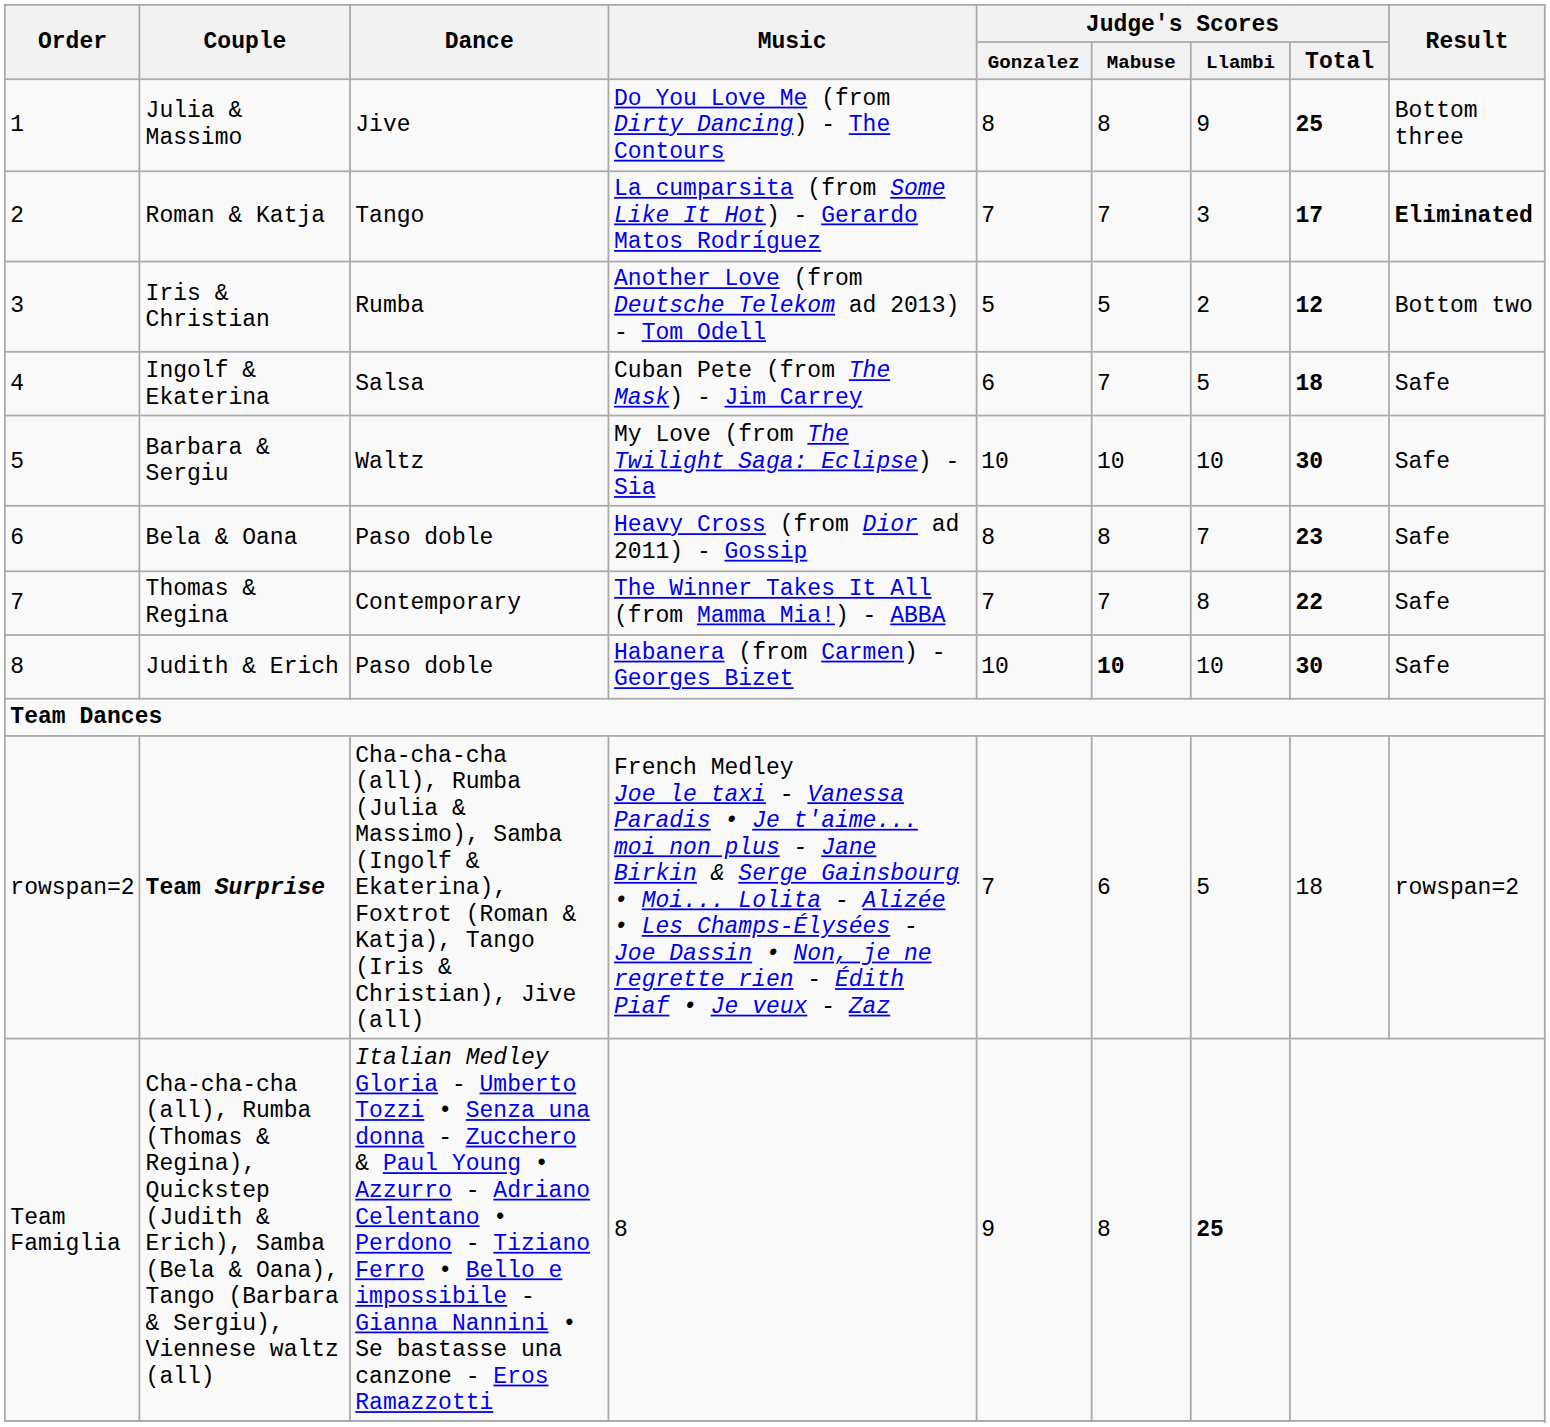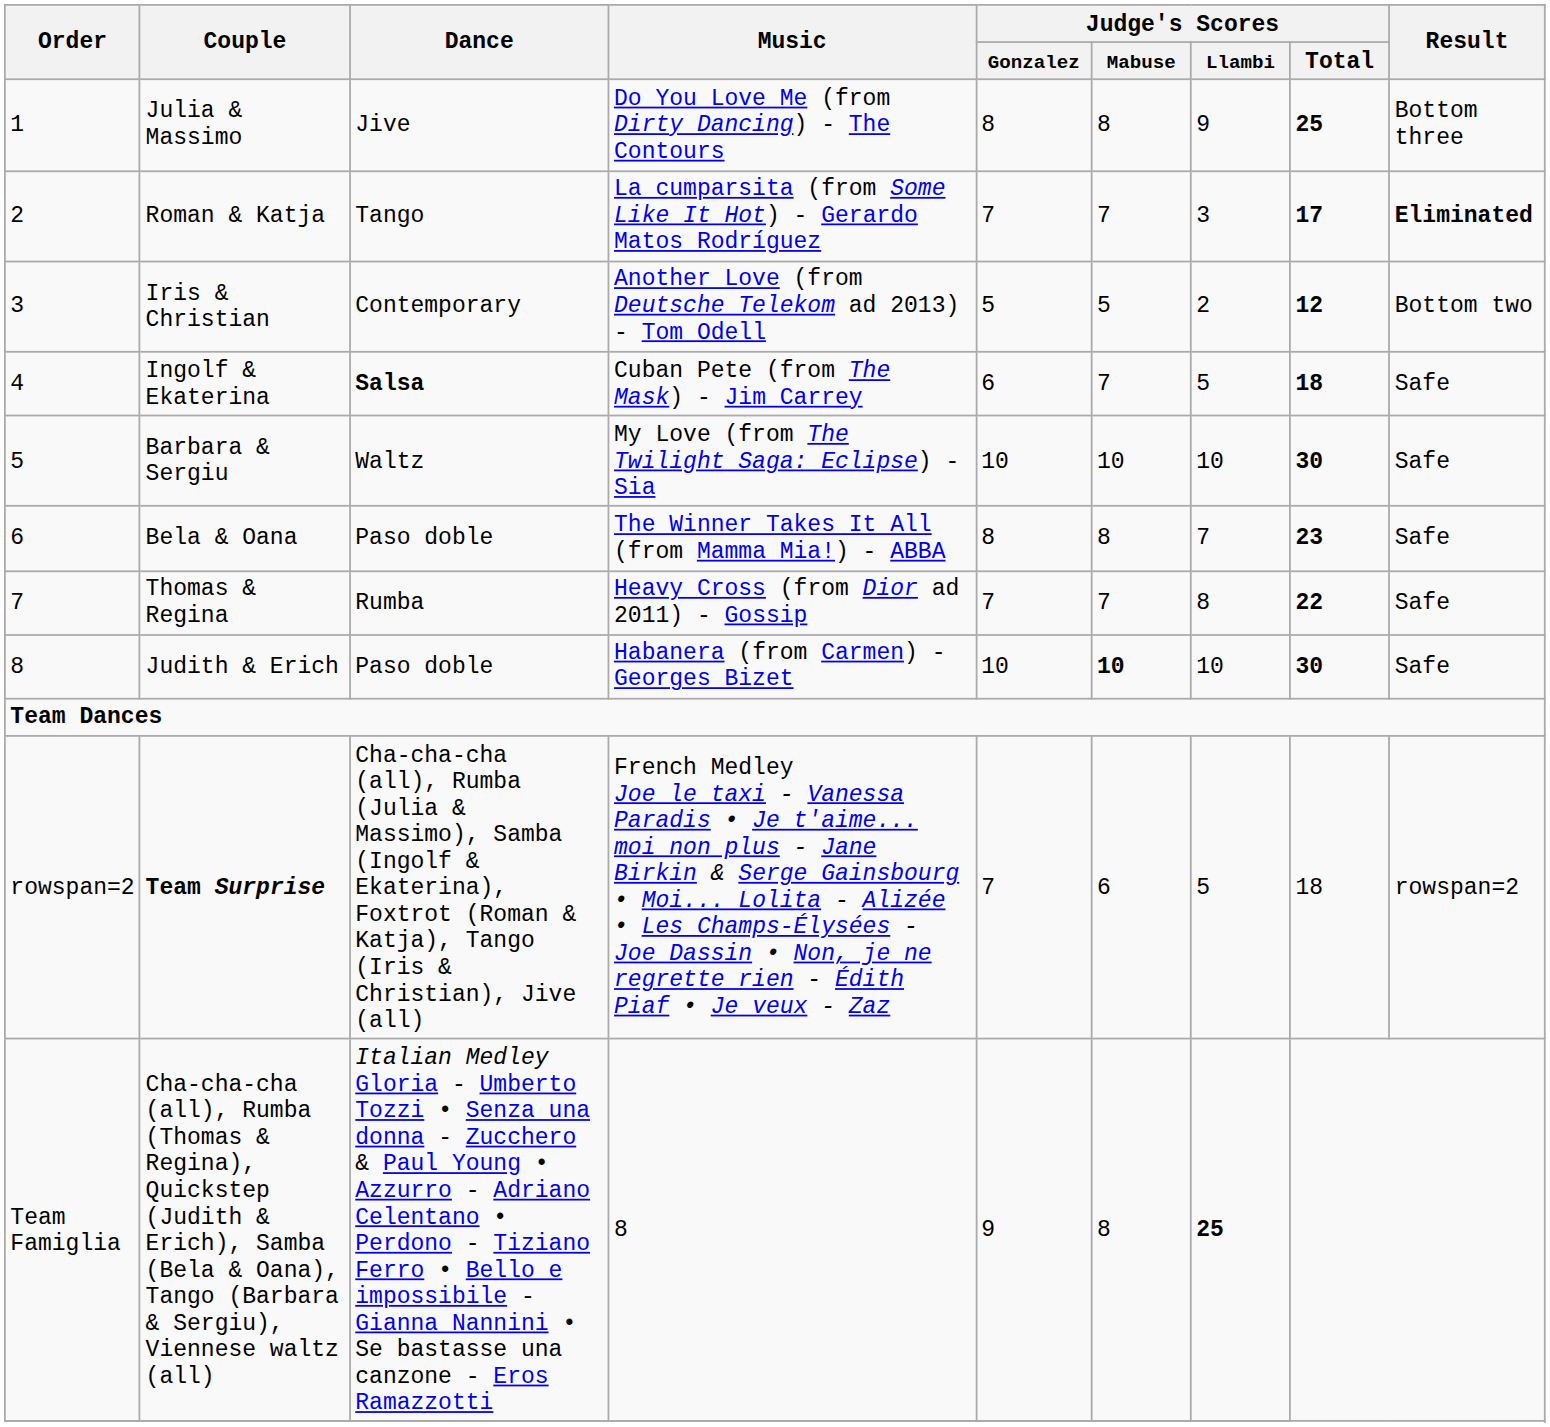 <table class="wikitable sortable center">
 <tr>
 <th rowspan="2" style="width: 4em">Order</th>
 <th rowspan="2" style="width: 17em">Couple</th>
 <th rowspan="2" style="width: 20em">Dance</th>
 <th rowspan="2" style="width: 40em">Music</th>
 <th colspan="4">Judge's Scores</th>
 <th rowspan="2" style="width: 7em">Result</th>
 </tr>
 <tr>
 <th style="width: 6em"><small> Gonzalez</small></th>
 <th style="width: 6em"><small> Mabuse</small></th>
 <th style="width: 6em"><small> Llambi</small></th>
 <th style="width: 6em">Total</th>
 </tr>
 <tr>
 <td>1</td>
 <td>Julia & Massimo</td>
 <td>Jive</td>
 <td><a href='#'>Do You Love Me</a> (from <em><a href='#'>Dirty Dancing</a></em>) - <a href='#'>The Contours</a></td>
 <td>8</td>
 <td>8</td>
 <td>9</td>
 <td><strong>25</strong></td>
 <td>Bottom three</td>
 </tr>
 <tr>
 <td>2</td>
 <td>Roman & Katja</td>
 <td>Tango</td>
 <td><a href='#'>La cumparsita</a> (from <em><a href='#'>Some Like It Hot</a></em>) - <a href='#'>Gerardo Matos Rodríguez</a></td>
 <td>7</td>
 <td>7</td>
 <td>3</td>
 <td><strong>17</strong></td>
 <td><strong>Eliminated</strong></td>
 </tr>
 <tr>
 <td>3</td>
 <td>Iris & Christian</td>
-<td>Rumba</td>
+<td>Contemporary</td>
 <td><a href='#'>Another Love</a> (from <em><a href='#'>Deutsche Telekom</a></em> ad 2013) - <a href='#'>Tom Odell</a></td>
 <td>5</td>
 <td>5</td>
 <td>2</td>
 <td><strong>12</strong></td>
 <td>Bottom two</td>
 </tr>
 <tr>
 <td>4</td>
 <td>Ingolf & Ekaterina</td>
-<td>Salsa</td>
+<td><strong>Salsa</strong></td>
 <td>Cuban Pete (from <em><a href='#'>The Mask</a></em>) - <a href='#'>Jim Carrey</a></td>
 <td>6</td>
 <td>7</td>
 <td>5</td>
 <td><strong>18</strong></td>
 <td>Safe</td>
 </tr>
 <tr>
 <td>5</td>
 <td>Barbara & Sergiu</td>
 <td>Waltz</td>
 <td>My Love (from <em><a href='#'>The Twilight Saga: Eclipse</a></em>) - <a href='#'>Sia</a></td>
 <td>10</td>
 <td>10</td>
 <td>10</td>
 <td><strong>30</strong></td>
 <td>Safe</td>
 </tr>
 <tr>
 <td>6</td>
 <td>Bela & Oana</td>
 <td>Paso doble</td>
-<td><a href='#'>Heavy Cross</a> (from <em><a href='#'>Dior</a></em> ad 2011) - <a href='#'>Gossip</a></td>
+<td><a href='#'>The Winner Takes It All</a> (from <a href='#'>Mamma Mia!</a>) - <a href='#'>ABBA</a></td>
 <td>8</td>
 <td>8</td>
 <td>7</td>
 <td><strong>23</strong></td>
 <td>Safe</td>
 </tr>
 <tr>
 <td>7</td>
 <td>Thomas & Regina</td>
-<td>Contemporary</td>
-<td><a href='#'>The Winner Takes It All</a> (from <a href='#'>Mamma Mia!</a>) - <a href='#'>ABBA</a></td>
+<td>Rumba</td>
+<td><a href='#'>Heavy Cross</a> (from <em><a href='#'>Dior</a></em> ad 2011) - <a href='#'>Gossip</a></td>
 <td>7</td>
 <td>7</td>
 <td>8</td>
 <td><strong>22</strong></td>
 <td>Safe</td>
 </tr>
 <tr>
 <td>8</td>
 <td>Judith & Erich</td>
 <td>Paso doble</td>
 <td><a href='#'>Habanera</a> (from <a href='#'>Carmen</a>) - <a href='#'>Georges Bizet</a></td>
 <td>10</td>
 <td><strong>10</strong></td>
 <td>10</td>
 <td><strong>30</strong></td>
 <td>Safe</td>
 </tr>
 <tr>
 <td colspan=9><strong>Team Dances</strong></td>
 </tr>
 <tr>
 <td>rowspan=2 </td>
 <td><strong>Team <em>Surprise<strong><em></td>
 <td>Cha-cha-cha (all), Rumba (Julia & Massimo), Samba (Ingolf & Ekaterina), Foxtrot (Roman & Katja), Tango (Iris & Christian), Jive (all)</td>
 <td></em>French Medley<em> <br> <a href='#'>Joe le taxi</a> - <a href='#'>Vanessa Paradis</a> • <a href='#'>Je t'aime... moi non plus</a> - <a href='#'>Jane Birkin</a> & <a href='#'>Serge Gainsbourg</a> • <a href='#'>Moi... Lolita</a> - <a href='#'>Alizée</a> • <a href='#'>Les Champs-Élysées</a> - <a href='#'>Joe Dassin</a> • <a href='#'>Non, je ne regrette rien</a> - <a href='#'>Édith Piaf</a> • <a href='#'>Je veux</a> - <a href='#'>Zaz</a></td>
 <td>7</td>
 <td>6</td>
 <td>5</td>
 <td></strong>18<strong></td>
 <td>rowspan=2 </td>
 </tr>
 <tr>
 <td></strong>Team </em>Famiglia</em></strong></td>
 <td>Cha-cha-cha (all), Rumba (Thomas & Regina), Quickstep (Judith & Erich), Samba (Bela & Oana), Tango (Barbara & Sergiu), Viennese waltz (all)</td>
 <td><em>Italian Medley</em> <br> <a href='#'>Gloria</a> - <a href='#'>Umberto Tozzi</a> • <a href='#'>Senza una donna</a> - <a href='#'>Zucchero</a> & <a href='#'>Paul Young</a> • <a href='#'>Azzurro</a> - <a href='#'>Adriano Celentano</a> • <a href='#'>Perdono</a> - <a href='#'>Tiziano Ferro</a> • <a href='#'>Bello e impossibile</a> - <a href='#'>Gianna Nannini</a> • Se bastasse una canzone - <a href='#'>Eros Ramazzotti</a></td>
 <td>8</td>
 <td>9</td>
 <td>8</td>
 <td><strong>25</strong></td>
 </tr>
 <tr>
 </tr>
 </table>
